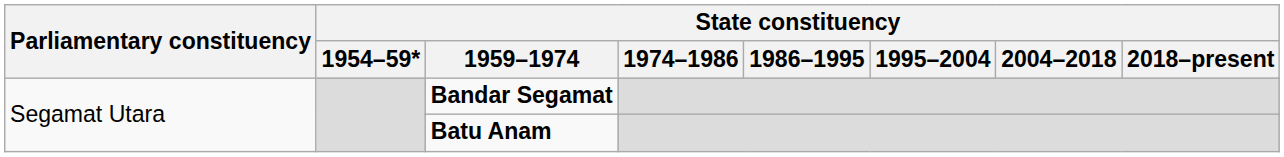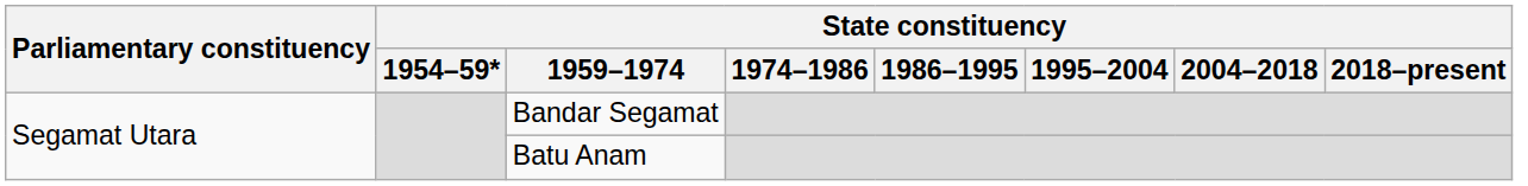 <table class="wikitable">
 <tr>
 <th rowspan="2">Parliamentary constituency</th>
 <th colspan="7">State constituency</th>
 </tr>
 <tr>
 <th>1954–59*</th>
 <th>1959–1974</th>
 <th>1974–1986</th>
 <th>1986–1995</th>
 <th>1995–2004</th>
 <th>2004–2018</th>
 <th>2018–present</th>
 </tr>
 <tr>
 <td rowspan="2">Segamat Utara</td>
 <td rowspan="2" bgcolor="dcdcdc"></td>
-<td><strong>Bandar Segamat</strong></td>
+<td>Bandar Segamat</td>
 <td colspan="5" bgcolor="dcdcdc"></td>
 </tr>
 <tr>
-<td><strong>Batu Anam</strong></td>
+<td>Batu Anam</td>
 <td colspan="5" bgcolor="dcdcdc"></td>
 </tr>
 </table>
